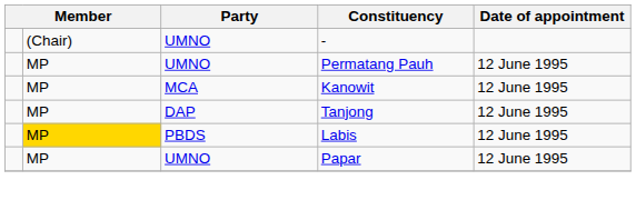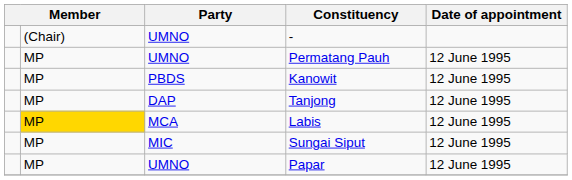 <table class="sortable wikitable">
 <tr>
 <th width="160px" colspan="2" valign="top">Member</th>
 <th width="160px" valign="top">Party</th>
 <th width="160px" valign="top">Constituency</th>
 <th width="160px" valign="top">Date of appointment</th>
 </tr>
 <tr>
 <td></td>
 <td> (Chair)</td>
 <td><a href='#'>UMNO</a></td>
 <td>-</td>
 <td></td>
 </tr>
 <tr>
 <td></td>
 <td> MP</td>
 <td><a href='#'>UMNO</a></td>
 <td><a href='#'>Permatang Pauh</a></td>
 <td>12 June 1995</td>
 </tr>
 <tr>
 <td></td>
 <td> MP</td>
-<td><a href='#'>MCA</a></td>
+<td><a href='#'>PBDS</a></td>
 <td><a href='#'>Kanowit</a></td>
 <td>12 June 1995</td>
 </tr>
 <tr>
 <td></td>
 <td> MP</td>
 <td><a href='#'>DAP</a></td>
 <td><a href='#'>Tanjong</a></td>
 <td>12 June 1995</td>
 </tr>
 <tr>
 <td></td>
 <td style="background: gold;"> MP</td>
-<td><a href='#'>PBDS</a></td>
+<td><a href='#'>MCA</a></td>
 <td><a href='#'>Labis</a></td>
+<td>12 June 1995</td>
+</tr>
+<tr>
+<td></td>
+<td> MP</td>
+<td><a href='#'>MIC</a></td>
+<td><a href='#'>Sungai Siput</a></td>
 <td>12 June 1995</td>
 </tr>
 <tr>
 <td></td>
 <td> MP</td>
 <td><a href='#'>UMNO</a></td>
 <td><a href='#'>Papar</a></td>
 <td>12 June 1995</td>
 </tr>
 <tr>
 </tr>
 </table>
